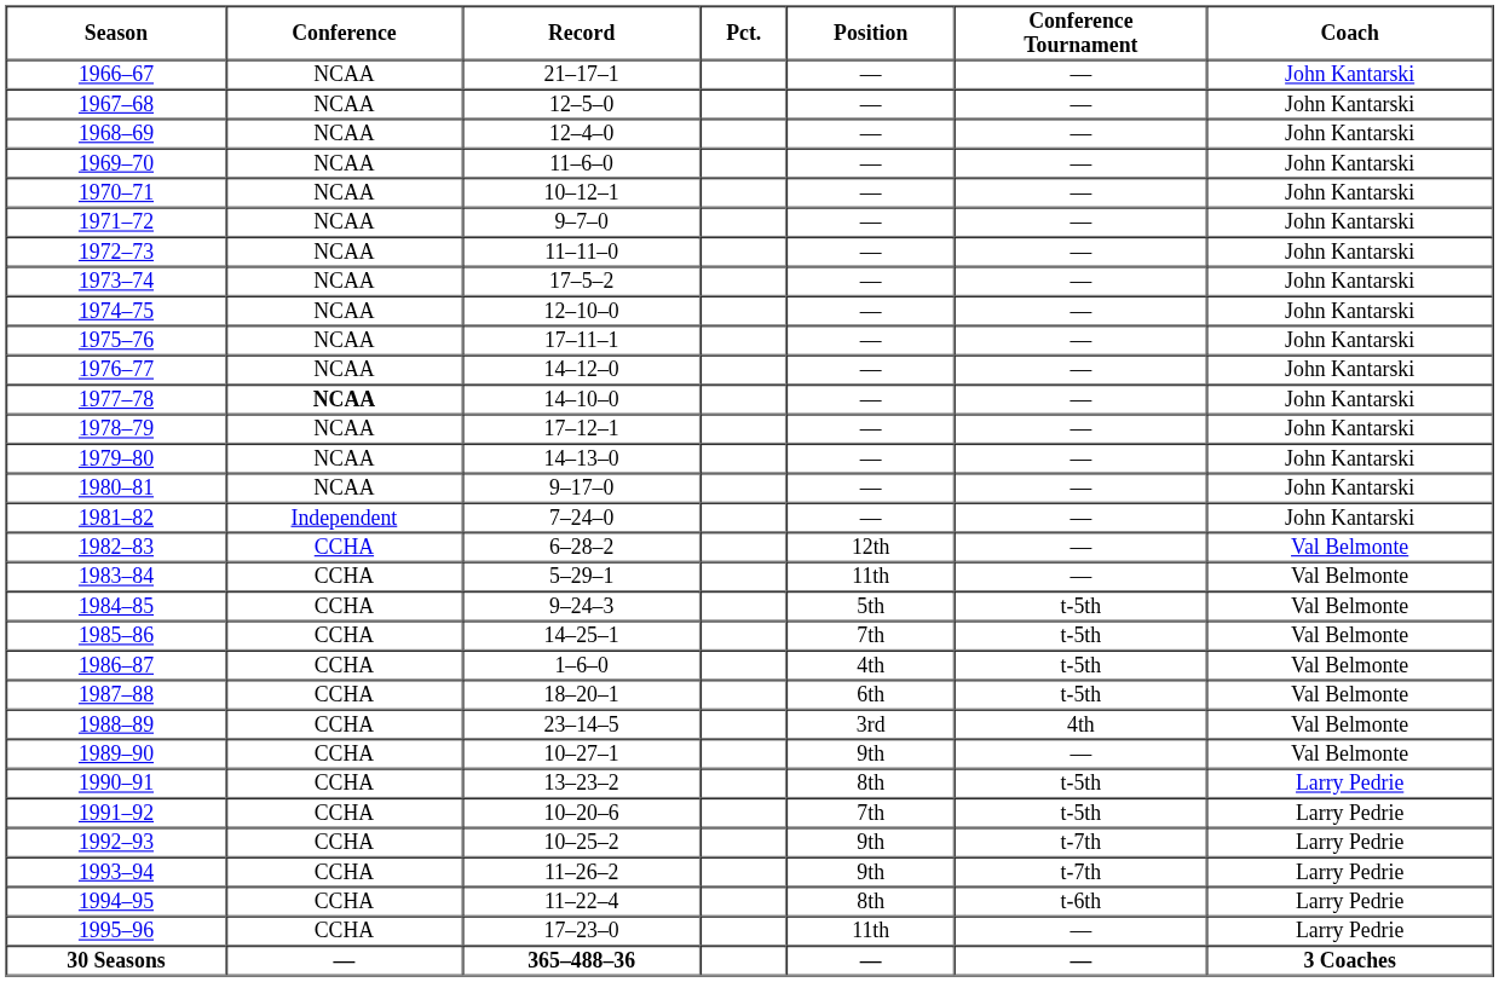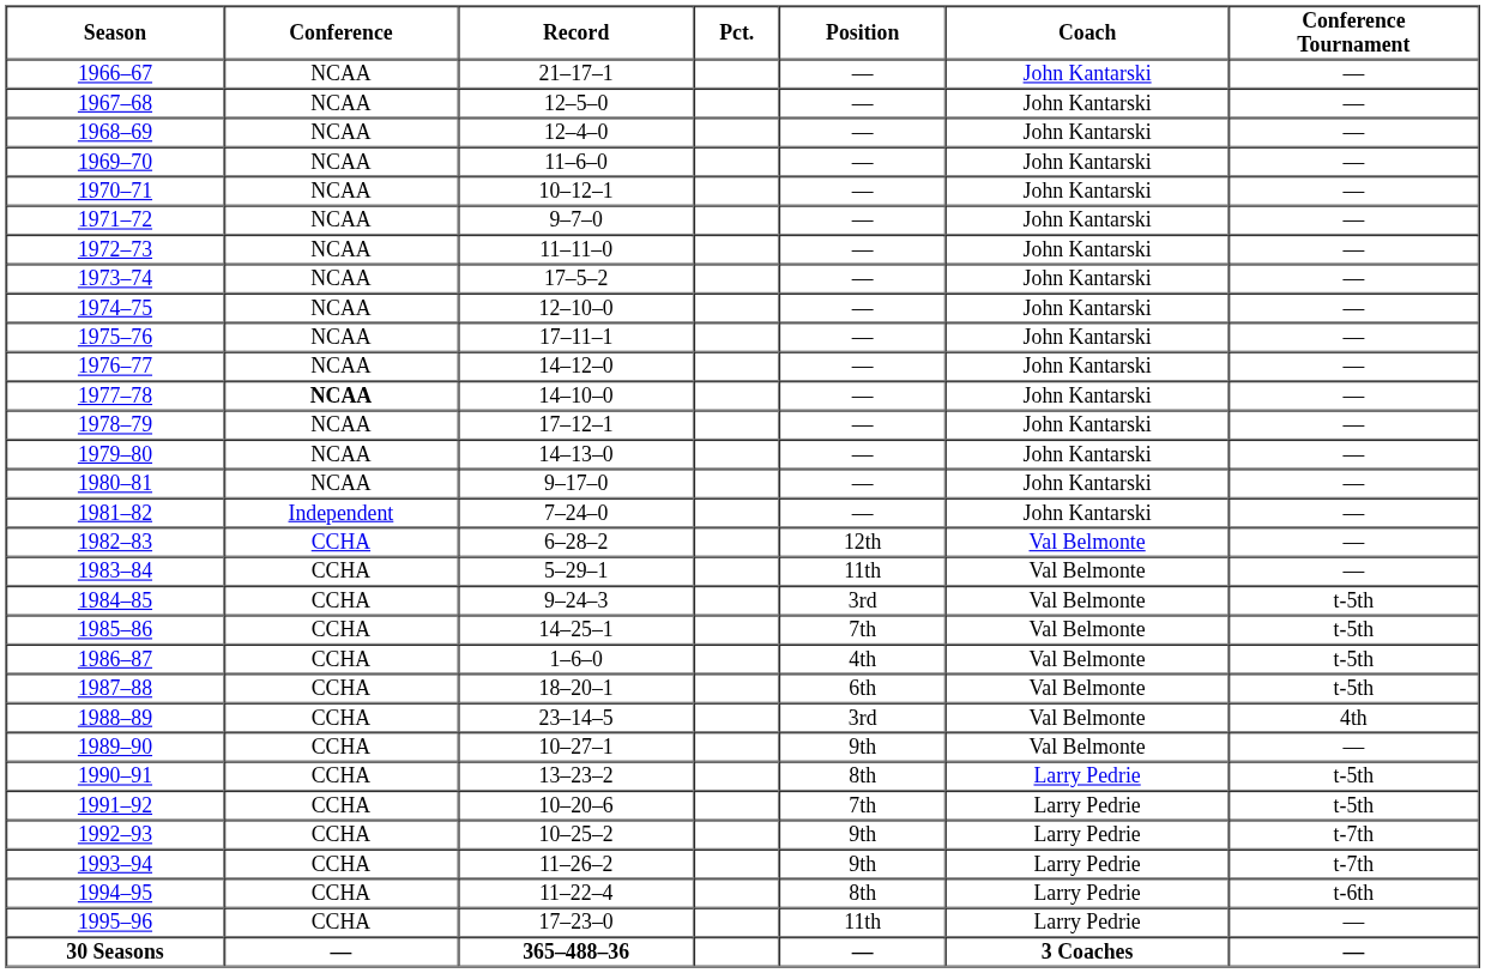 <table cellpadding="1" border="1" cellspacing="0" width="70%">
 <tr>
 <th>Season</th>
 <th>Conference</th>
 <th>Record</th>
 <th>Pct.</th>
 <th>Position</th>
+<th>Coach</th>
 <th>Conference<br>Tournament</th>
-<th>Coach</th>
 </tr>
 <tr align="center">
 <td><a href='#'>1966–67</a></td>
 <td>NCAA</td>
 <td>21–17–1</td>
 <td></td>
 <td>—</td>
+<td><a href='#'>John Kantarski</a></td>
 <td>—</td>
-<td><a href='#'>John Kantarski</a></td>
 </tr>
 <tr align="center">
 <td><a href='#'>1967–68</a></td>
 <td>NCAA</td>
 <td>12–5–0</td>
 <td></td>
 <td>—</td>
+<td>John Kantarski</td>
 <td>—</td>
-<td>John Kantarski</td>
 </tr>
 <tr align="center">
 <td><a href='#'>1968–69</a></td>
 <td>NCAA</td>
 <td>12–4–0</td>
 <td></td>
 <td>—</td>
+<td>John Kantarski</td>
 <td>—</td>
-<td>John Kantarski</td>
 </tr>
 <tr align="center">
 <td><a href='#'>1969–70</a></td>
 <td>NCAA</td>
 <td>11–6–0</td>
 <td></td>
 <td>—</td>
+<td>John Kantarski</td>
 <td>—</td>
-<td>John Kantarski</td>
 </tr>
 <tr align="center">
 <td><a href='#'>1970–71</a></td>
 <td>NCAA</td>
 <td>10–12–1</td>
 <td></td>
 <td>—</td>
+<td>John Kantarski</td>
 <td>—</td>
-<td>John Kantarski</td>
 </tr>
 <tr align="center">
 <td><a href='#'>1971–72</a></td>
 <td>NCAA</td>
 <td>9–7–0</td>
 <td></td>
 <td>—</td>
+<td>John Kantarski</td>
 <td>—</td>
-<td>John Kantarski</td>
 </tr>
 <tr align="center">
 <td><a href='#'>1972–73</a></td>
 <td>NCAA</td>
 <td>11–11–0</td>
 <td></td>
 <td>—</td>
+<td>John Kantarski</td>
 <td>—</td>
-<td>John Kantarski</td>
 </tr>
 <tr align="center">
 <td><a href='#'>1973–74</a></td>
 <td>NCAA</td>
 <td>17–5–2</td>
 <td></td>
 <td>—</td>
+<td>John Kantarski</td>
 <td>—</td>
-<td>John Kantarski</td>
 </tr>
 <tr align="center">
 <td><a href='#'>1974–75</a></td>
 <td>NCAA</td>
 <td>12–10–0</td>
 <td></td>
 <td>—</td>
+<td>John Kantarski</td>
 <td>—</td>
-<td>John Kantarski</td>
 </tr>
 <tr align="center">
 <td><a href='#'>1975–76</a></td>
 <td>NCAA</td>
 <td>17–11–1</td>
 <td></td>
 <td>—</td>
+<td>John Kantarski</td>
 <td>—</td>
-<td>John Kantarski</td>
 </tr>
 <tr align="center">
 <td><a href='#'>1976–77</a></td>
 <td>NCAA</td>
 <td>14–12–0</td>
 <td></td>
 <td>—</td>
+<td>John Kantarski</td>
 <td>—</td>
-<td>John Kantarski</td>
 </tr>
 <tr align="center">
 <td><a href='#'>1977–78</a></td>
 <td><strong>NCAA</strong></td>
 <td>14–10–0</td>
 <td></td>
 <td>—</td>
+<td>John Kantarski</td>
 <td>—</td>
-<td>John Kantarski</td>
 </tr>
 <tr align="center">
 <td><a href='#'>1978–79</a></td>
 <td>NCAA</td>
 <td>17–12–1</td>
 <td></td>
 <td>—</td>
+<td>John Kantarski</td>
 <td>—</td>
-<td>John Kantarski</td>
 </tr>
 <tr align="center">
 <td><a href='#'>1979–80</a></td>
 <td>NCAA</td>
 <td>14–13–0</td>
 <td></td>
 <td>—</td>
+<td>John Kantarski</td>
 <td>—</td>
-<td>John Kantarski</td>
 </tr>
 <tr align="center">
 <td><a href='#'>1980–81</a></td>
 <td>NCAA</td>
 <td>9–17–0</td>
 <td></td>
 <td>—</td>
+<td>John Kantarski</td>
 <td>—</td>
-<td>John Kantarski</td>
 </tr>
 <tr align="center">
 <td><a href='#'>1981–82</a></td>
 <td><a href='#'>Independent</a></td>
 <td>7–24–0</td>
 <td></td>
 <td>—</td>
+<td>John Kantarski</td>
 <td>—</td>
-<td>John Kantarski</td>
 </tr>
 <tr align="center">
 <td><a href='#'>1982–83</a></td>
 <td><a href='#'>CCHA</a></td>
 <td>6–28–2</td>
 <td></td>
 <td>12th</td>
+<td><a href='#'>Val Belmonte</a></td>
 <td>—</td>
-<td><a href='#'>Val Belmonte</a></td>
 </tr>
 <tr align="center">
 <td><a href='#'>1983–84</a></td>
 <td>CCHA</td>
 <td>5–29–1</td>
 <td></td>
 <td>11th</td>
+<td>Val Belmonte</td>
 <td>—</td>
-<td>Val Belmonte</td>
 </tr>
 <tr align="center">
 <td><a href='#'>1984–85</a></td>
 <td>CCHA</td>
 <td>9–24–3</td>
 <td></td>
-<td>5th</td>
+<td>3rd</td>
+<td>Val Belmonte</td>
 <td>t-5th</td>
-<td>Val Belmonte</td>
 </tr>
 <tr align="center">
 <td><a href='#'>1985–86</a></td>
 <td>CCHA</td>
 <td>14–25–1</td>
 <td></td>
 <td>7th</td>
+<td>Val Belmonte</td>
 <td>t-5th</td>
-<td>Val Belmonte</td>
 </tr>
 <tr align="center">
 <td><a href='#'>1986–87</a></td>
 <td>CCHA</td>
 <td>1–6–0</td>
 <td></td>
 <td>4th</td>
+<td>Val Belmonte</td>
 <td>t-5th</td>
-<td>Val Belmonte</td>
 </tr>
 <tr align="center">
 <td><a href='#'>1987–88</a></td>
 <td>CCHA</td>
 <td>18–20–1</td>
 <td></td>
 <td>6th</td>
+<td>Val Belmonte</td>
 <td>t-5th</td>
-<td>Val Belmonte</td>
 </tr>
 <tr align="center">
 <td><a href='#'>1988–89</a></td>
 <td>CCHA</td>
 <td>23–14–5</td>
 <td></td>
 <td>3rd</td>
+<td>Val Belmonte</td>
 <td>4th</td>
-<td>Val Belmonte</td>
 </tr>
 <tr align="center">
 <td><a href='#'>1989–90</a></td>
 <td>CCHA</td>
 <td>10–27–1</td>
 <td></td>
 <td>9th</td>
+<td>Val Belmonte</td>
 <td>—</td>
-<td>Val Belmonte</td>
 </tr>
 <tr align="center">
 <td><a href='#'>1990–91</a></td>
 <td>CCHA</td>
 <td>13–23–2</td>
 <td></td>
 <td>8th</td>
+<td><a href='#'>Larry Pedrie</a></td>
 <td>t-5th</td>
-<td><a href='#'>Larry Pedrie</a></td>
 </tr>
 <tr align="center">
 <td><a href='#'>1991–92</a></td>
 <td>CCHA</td>
 <td>10–20–6</td>
 <td></td>
 <td>7th</td>
+<td>Larry Pedrie</td>
 <td>t-5th</td>
-<td>Larry Pedrie</td>
 </tr>
 <tr align="center">
 <td><a href='#'>1992–93</a></td>
 <td>CCHA</td>
 <td>10–25–2</td>
 <td></td>
 <td>9th</td>
+<td>Larry Pedrie</td>
 <td>t-7th</td>
-<td>Larry Pedrie</td>
 </tr>
 <tr align="center">
 <td><a href='#'>1993–94</a></td>
 <td>CCHA</td>
 <td>11–26–2</td>
 <td></td>
 <td>9th</td>
+<td>Larry Pedrie</td>
 <td>t-7th</td>
-<td>Larry Pedrie</td>
 </tr>
 <tr align="center">
 <td><a href='#'>1994–95</a></td>
 <td>CCHA</td>
 <td>11–22–4</td>
 <td></td>
 <td>8th</td>
+<td>Larry Pedrie</td>
 <td>t-6th</td>
-<td>Larry Pedrie</td>
 </tr>
 <tr align="center">
 <td><a href='#'>1995–96</a></td>
 <td>CCHA</td>
 <td>17–23–0</td>
 <td></td>
 <td>11th</td>
+<td>Larry Pedrie</td>
 <td>—</td>
-<td>Larry Pedrie</td>
 </tr>
 <tr align="center">
 <th>30 Seasons</th>
 <th>—</th>
 <th>365–488–36</th>
 <th></th>
 <th>—</th>
+<th>3 Coaches</th>
 <th>—</th>
-<th>3 Coaches</th>
 </tr>
 </table>
